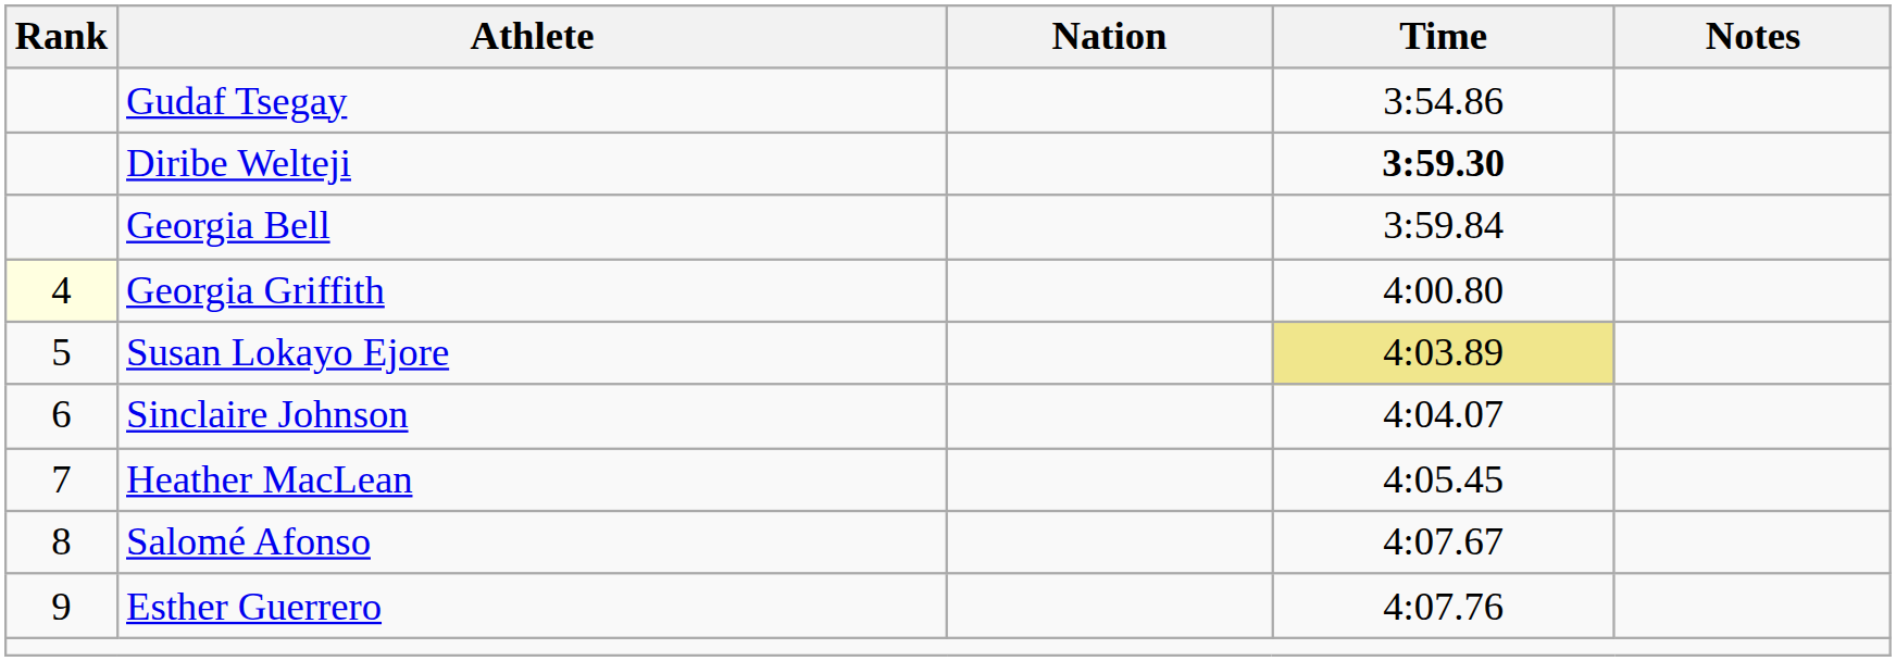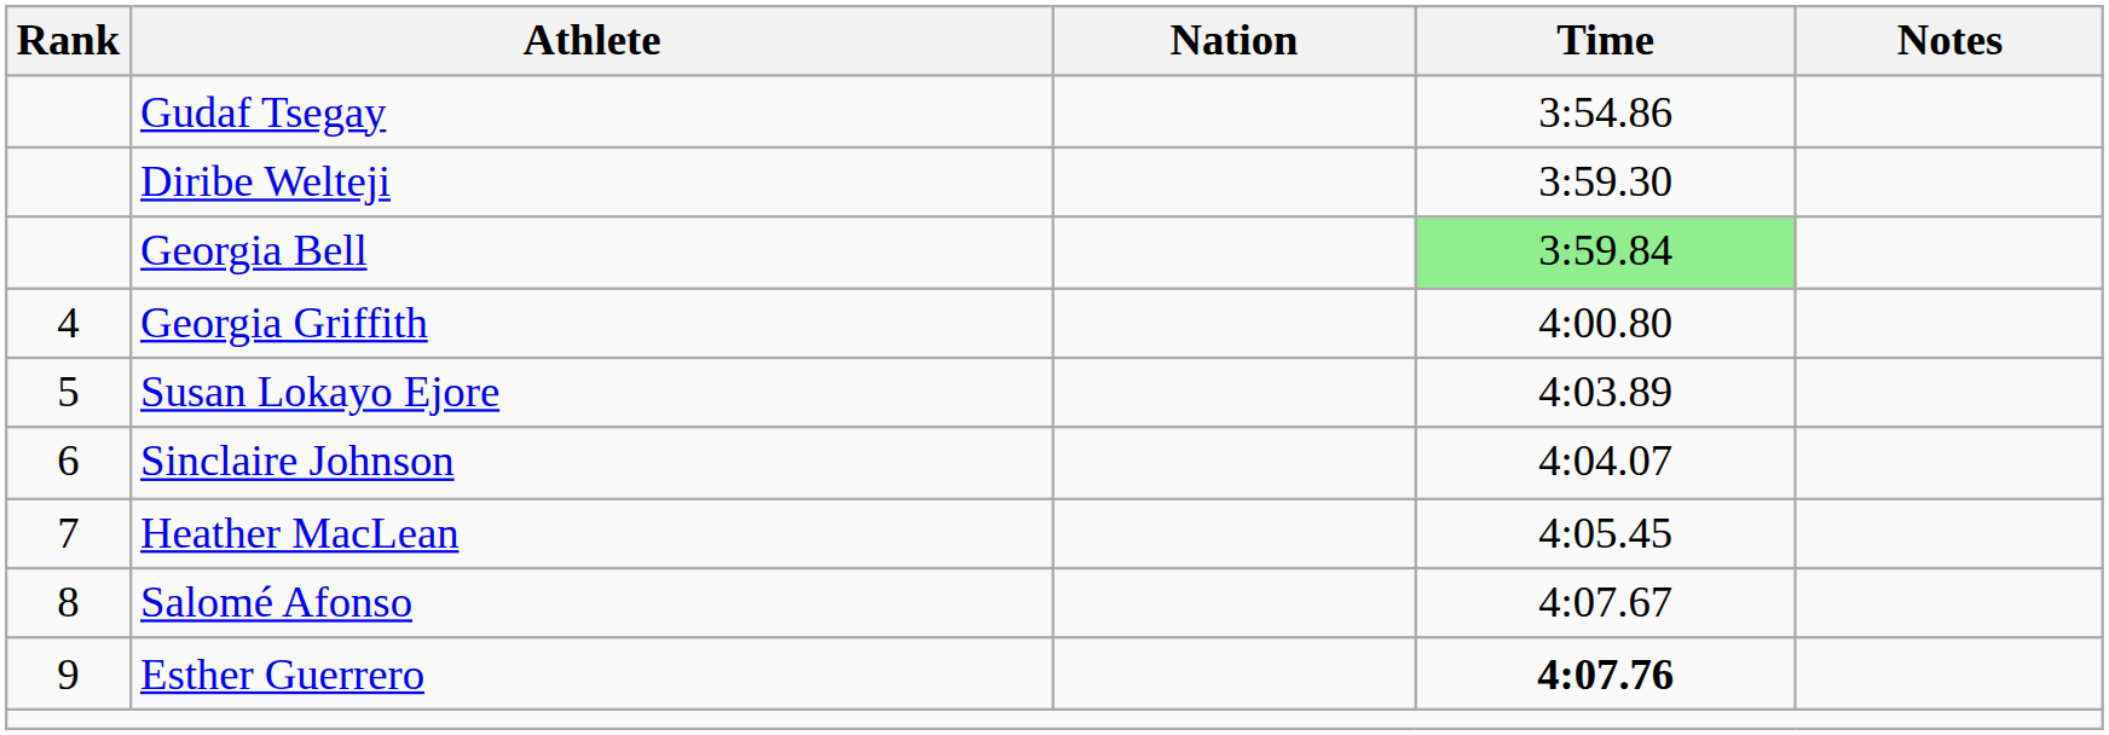 <table class="wikitable sortable" style="text-align:center;width: 60%;">
 <tr>
 <th scope="col" style="width: 10px;">Rank</th>
 <th scope="col">Athlete</th>
 <th scope="col">Nation</th>
 <th scope="col">Time</th>
 <th scope="col">Notes</th>
 </tr>
 <tr>
 <td></td>
 <td align=left><a href='#'>Gudaf Tsegay</a></td>
 <td align=left></td>
 <td>3:54.86</td>
 <td></td>
 </tr>
 <tr>
 <td></td>
 <td align=left><a href='#'>Diribe Welteji</a></td>
 <td align=left></td>
-<td><strong>3:59.30</strong></td>
+<td>3:59.30</td>
 <td></td>
 </tr>
 <tr>
 <td></td>
 <td align=left><a href='#'>Georgia Bell</a></td>
 <td align=left></td>
-<td>3:59.84</td>
+<td style="background: lightgreen;">3:59.84</td>
 <td></td>
 </tr>
 <tr>
-<td style="background: lightyellow;">4</td>
+<td>4</td>
 <td align=left><a href='#'>Georgia Griffith</a></td>
 <td align=left></td>
 <td>4:00.80</td>
 <td></td>
 </tr>
 <tr>
 <td>5</td>
 <td align=left><a href='#'>Susan Lokayo Ejore</a></td>
 <td align=left></td>
-<td style="background: khaki;">4:03.89</td>
+<td>4:03.89</td>
 <td></td>
 </tr>
 <tr>
 <td>6</td>
 <td align=left><a href='#'>Sinclaire Johnson</a></td>
 <td align=left></td>
 <td>4:04.07</td>
 <td></td>
 </tr>
 <tr>
 <td>7</td>
 <td align=left><a href='#'>Heather MacLean</a></td>
 <td align=left></td>
 <td>4:05.45</td>
 <td></td>
 </tr>
 <tr>
 <td>8</td>
 <td align=left><a href='#'>Salomé Afonso</a></td>
 <td align=left></td>
 <td>4:07.67</td>
 <td></td>
 </tr>
 <tr>
 <td>9</td>
 <td align=left><a href='#'>Esther Guerrero</a></td>
 <td align=left></td>
-<td>4:07.76</td>
+<td><strong>4:07.76</strong></td>
 <td></td>
 </tr>
 <tr class="sortbottom">
 <td colspan="5"></td>
 </tr>
 </table>
